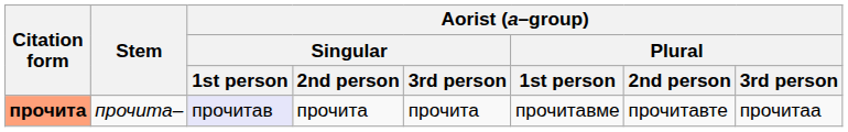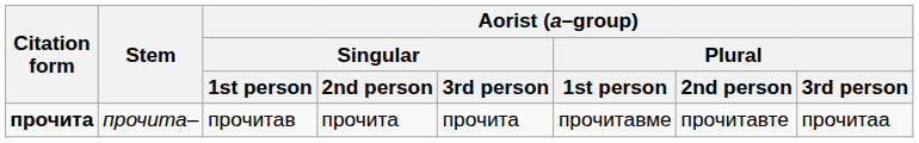 <table class="wikitable">
 <tr>
 <th rowspan="3">Citation<br>form</th>
 <th rowspan="3">Stem</th>
 <th colspan="6">Aorist (<em>а</em>–group)</th>
 </tr>
 <tr>
 <th colspan="3">Singular</th>
 <th colspan="3">Plural</th>
 </tr>
 <tr>
 <th>1st person</th>
 <th>2nd person</th>
 <th>3rd person</th>
 <th>1st person</th>
 <th>2nd person</th>
 <th>3rd person</th>
 </tr>
 <tr>
-<td style="background: lightsalmon;"><strong>прочита</strong></td>
+<td><strong>прочита</strong></td>
 <td><em>прочита–</em></td>
-<td style="background: lavender;">прочита<span>в</span></td>
+<td>прочита<span>в</span></td>
 <td>прочита</td>
 <td>прочита</td>
 <td>прочита<span>вме</span></td>
 <td>прочита<span>вте</span></td>
 <td>прочита<span>а</span></td>
 </tr>
 </table>
